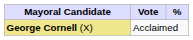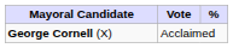 <table class="wikitable">
 <tr>
 <th style="background:#ddf; width:200px;">Mayoral Candidate</th>
 <th style="background:#ddf; width:50px;">Vote</th>
 <th style="background:#ddf; width:30px;">%</th>
 </tr>
 <tr>
-<td style="background: khaki;"><strong>George Cornell</strong> (X)</td>
+<td><strong>George Cornell</strong> (X)</td>
 <td colspan="2">Acclaimed</td>
 </tr>
 </table>
